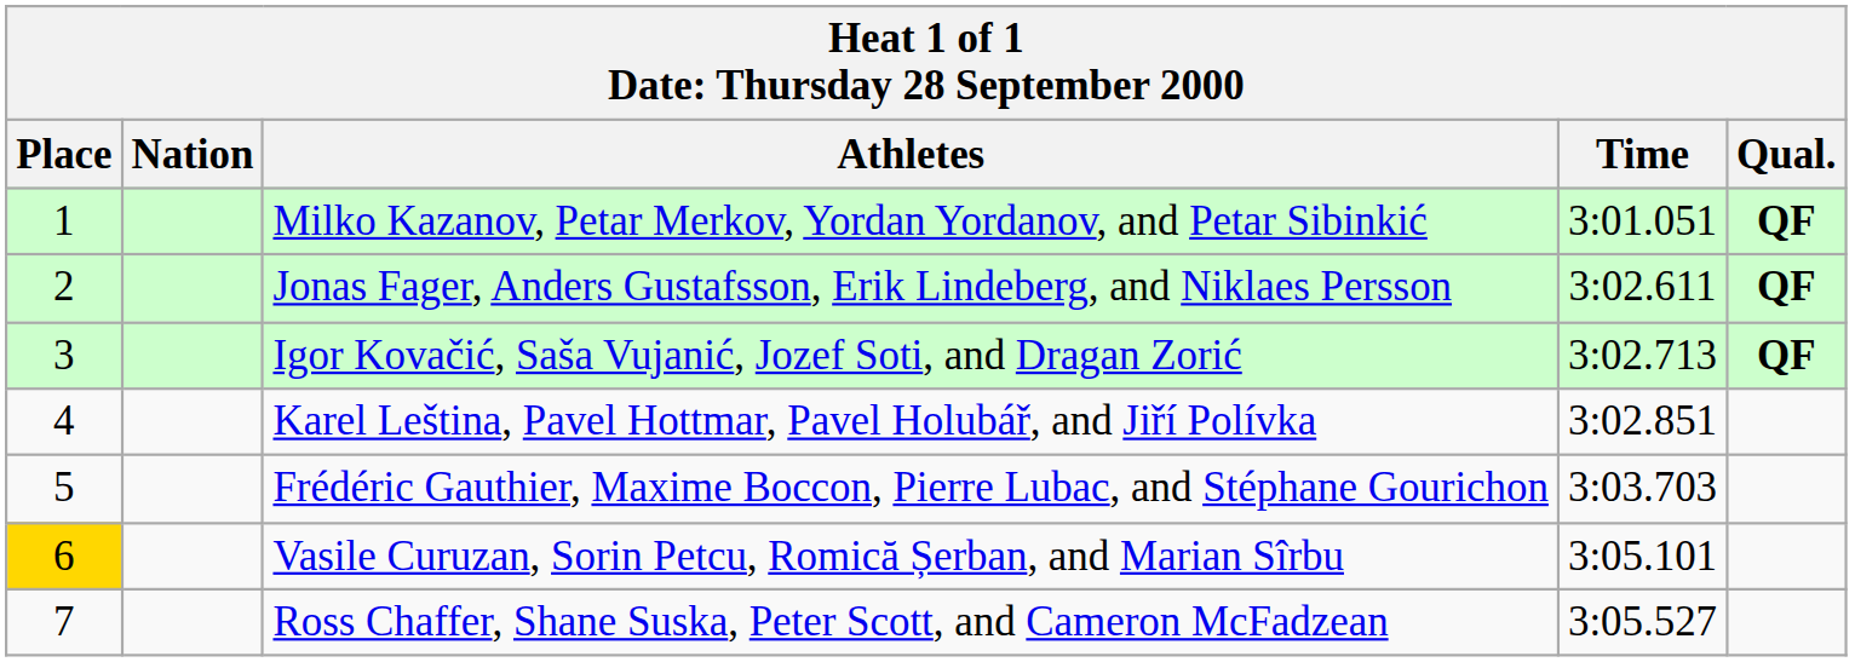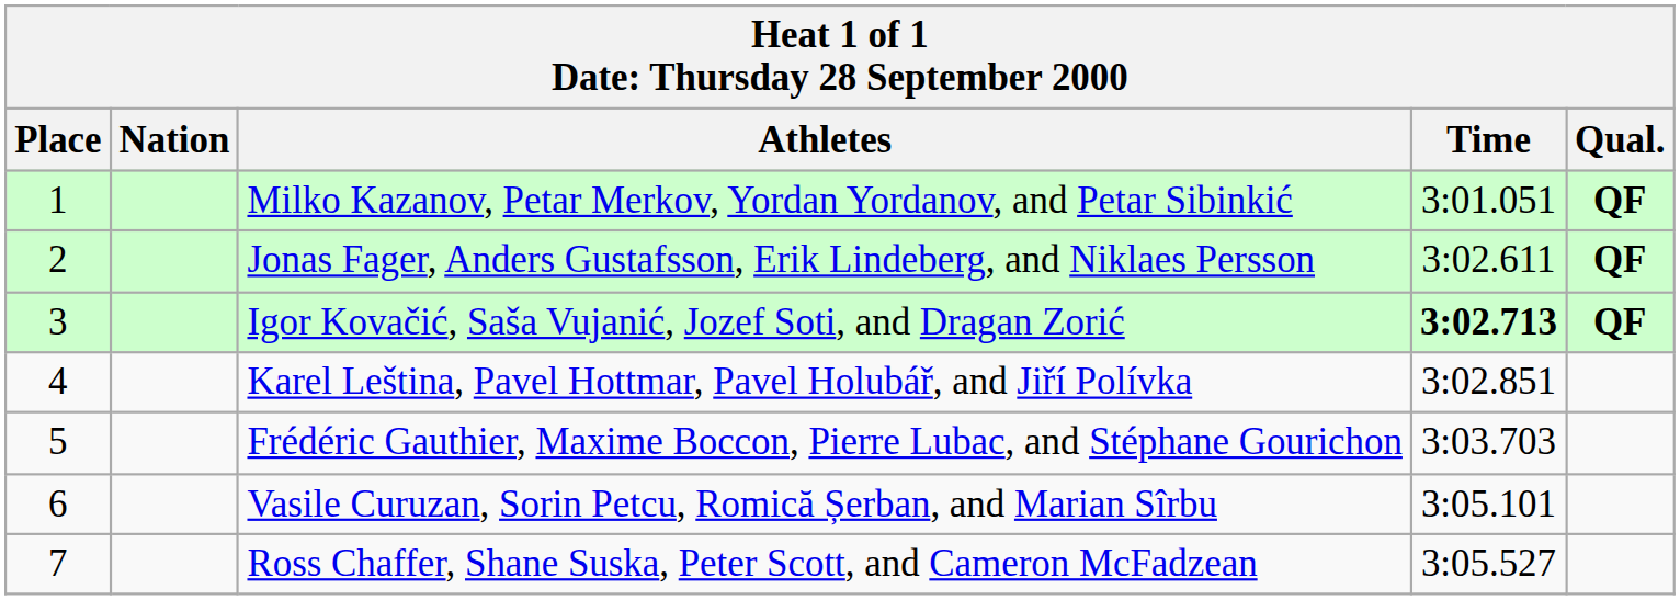 <table class="wikitable sortable">
 <tr>
 <th colspan=5>Heat 1 of 1 <br> Date: Thursday 28 September 2000</th>
 </tr>
 <tr>
 <th rowspan=1>Place</th>
 <th rowspan=1>Nation</th>
 <th rowspan=1>Athletes</th>
 <th rowspan=1>Time</th>
 <th rowspan=1>Qual.</th>
 </tr>
 <tr bgcolor = "ccffcc">
 <td align="center">1</td>
 <td align="left"></td>
 <td align="left"><a href='#'>Milko Kazanov</a>, <a href='#'>Petar Merkov</a>, <a href='#'>Yordan Yordanov</a>, and <a href='#'>Petar Sibinkić</a></td>
 <td align="center">3:01.051</td>
 <td align="center"><strong>QF</strong></td>
 </tr>
 <tr bgcolor = "ccffcc">
 <td align="center">2</td>
 <td align="left"></td>
 <td align="left"><a href='#'>Jonas Fager</a>, <a href='#'>Anders Gustafsson</a>, <a href='#'>Erik Lindeberg</a>, and <a href='#'>Niklaes Persson</a></td>
 <td align="center">3:02.611</td>
 <td align="center"><strong>QF</strong></td>
 </tr>
 <tr bgcolor = "ccffcc">
 <td align="center">3</td>
 <td align="left"></td>
 <td align="left"><a href='#'>Igor Kovačić</a>, <a href='#'>Saša Vujanić</a>, <a href='#'>Jozef Soti</a>, and <a href='#'>Dragan Zorić</a></td>
-<td align="center">3:02.713</td>
+<td align="center"><strong>3:02.713</strong></td>
 <td align="center"><strong>QF</strong></td>
 </tr>
 <tr>
 <td align="center">4</td>
 <td align="left"></td>
 <td align="left"><a href='#'>Karel Leština</a>, <a href='#'>Pavel Hottmar</a>, <a href='#'>Pavel Holubář</a>, and <a href='#'>Jiří Polívka</a></td>
 <td align="center">3:02.851</td>
 <td align="center"></td>
 </tr>
 <tr>
 <td align="center">5</td>
 <td align="left"></td>
 <td align="left"><a href='#'>Frédéric Gauthier</a>, <a href='#'>Maxime Boccon</a>, <a href='#'>Pierre Lubac</a>, and <a href='#'>Stéphane Gourichon</a></td>
 <td align="center">3:03.703</td>
 <td align="center"></td>
 </tr>
 <tr>
-<td align="center" style="background: gold;">6</td>
+<td align="center">6</td>
 <td align="left"></td>
 <td align="left"><a href='#'>Vasile Curuzan</a>, <a href='#'>Sorin Petcu</a>, <a href='#'>Romică Șerban</a>, and <a href='#'>Marian Sîrbu</a></td>
 <td align="center">3:05.101</td>
 <td align="center"></td>
 </tr>
 <tr>
 <td align="center">7</td>
 <td align="left"></td>
 <td align="left"><a href='#'>Ross Chaffer</a>, <a href='#'>Shane Suska</a>, <a href='#'>Peter Scott</a>, and <a href='#'>Cameron McFadzean</a></td>
 <td align="center">3:05.527</td>
 <td align="center"></td>
 </tr>
 </table>
